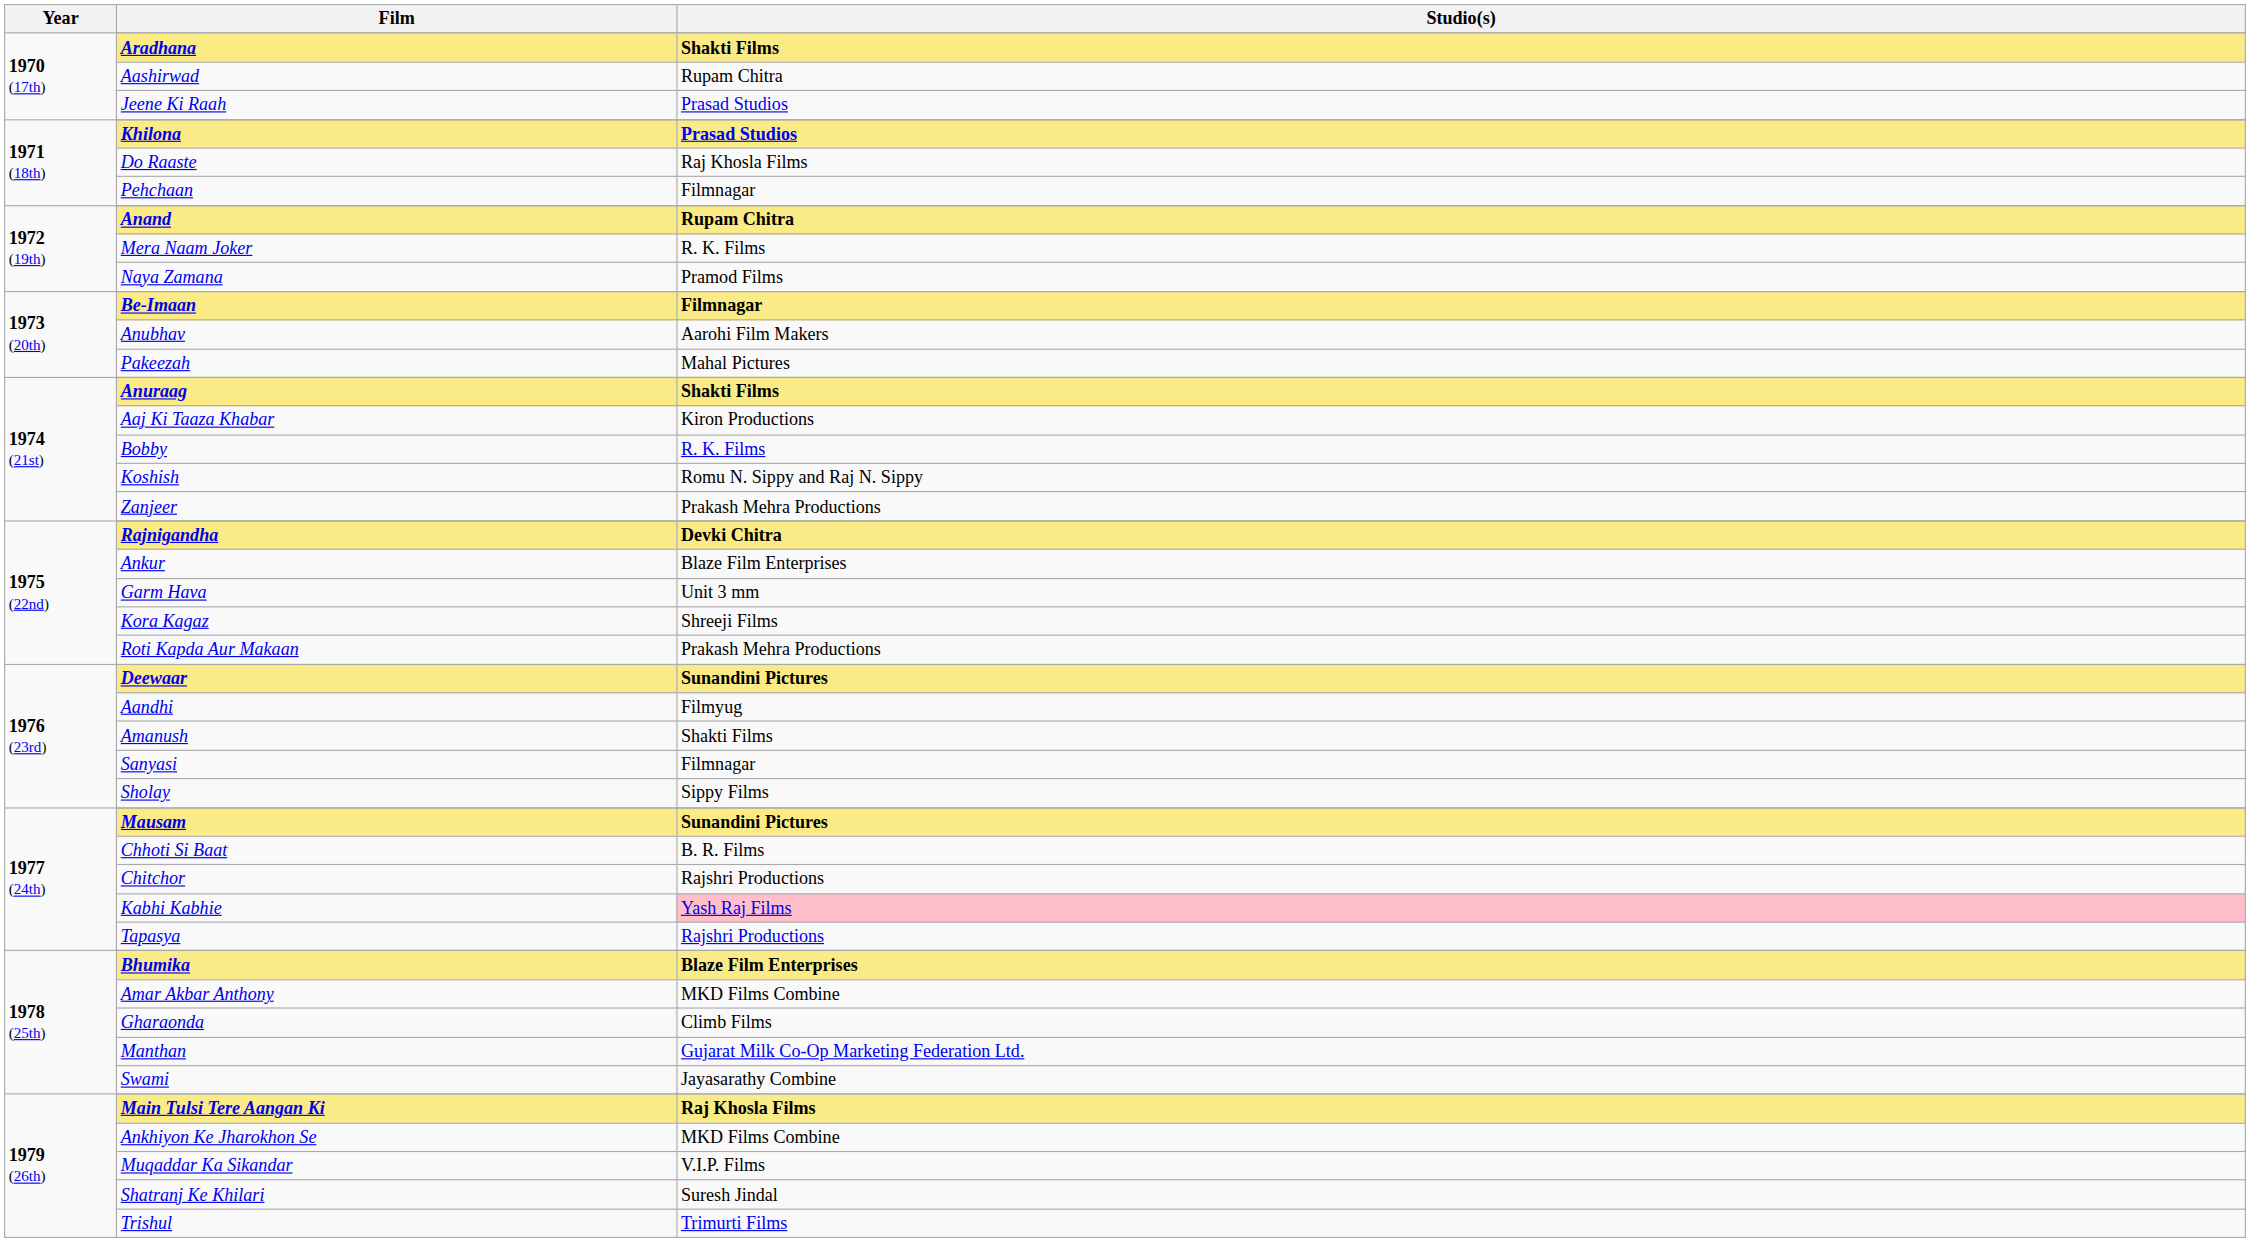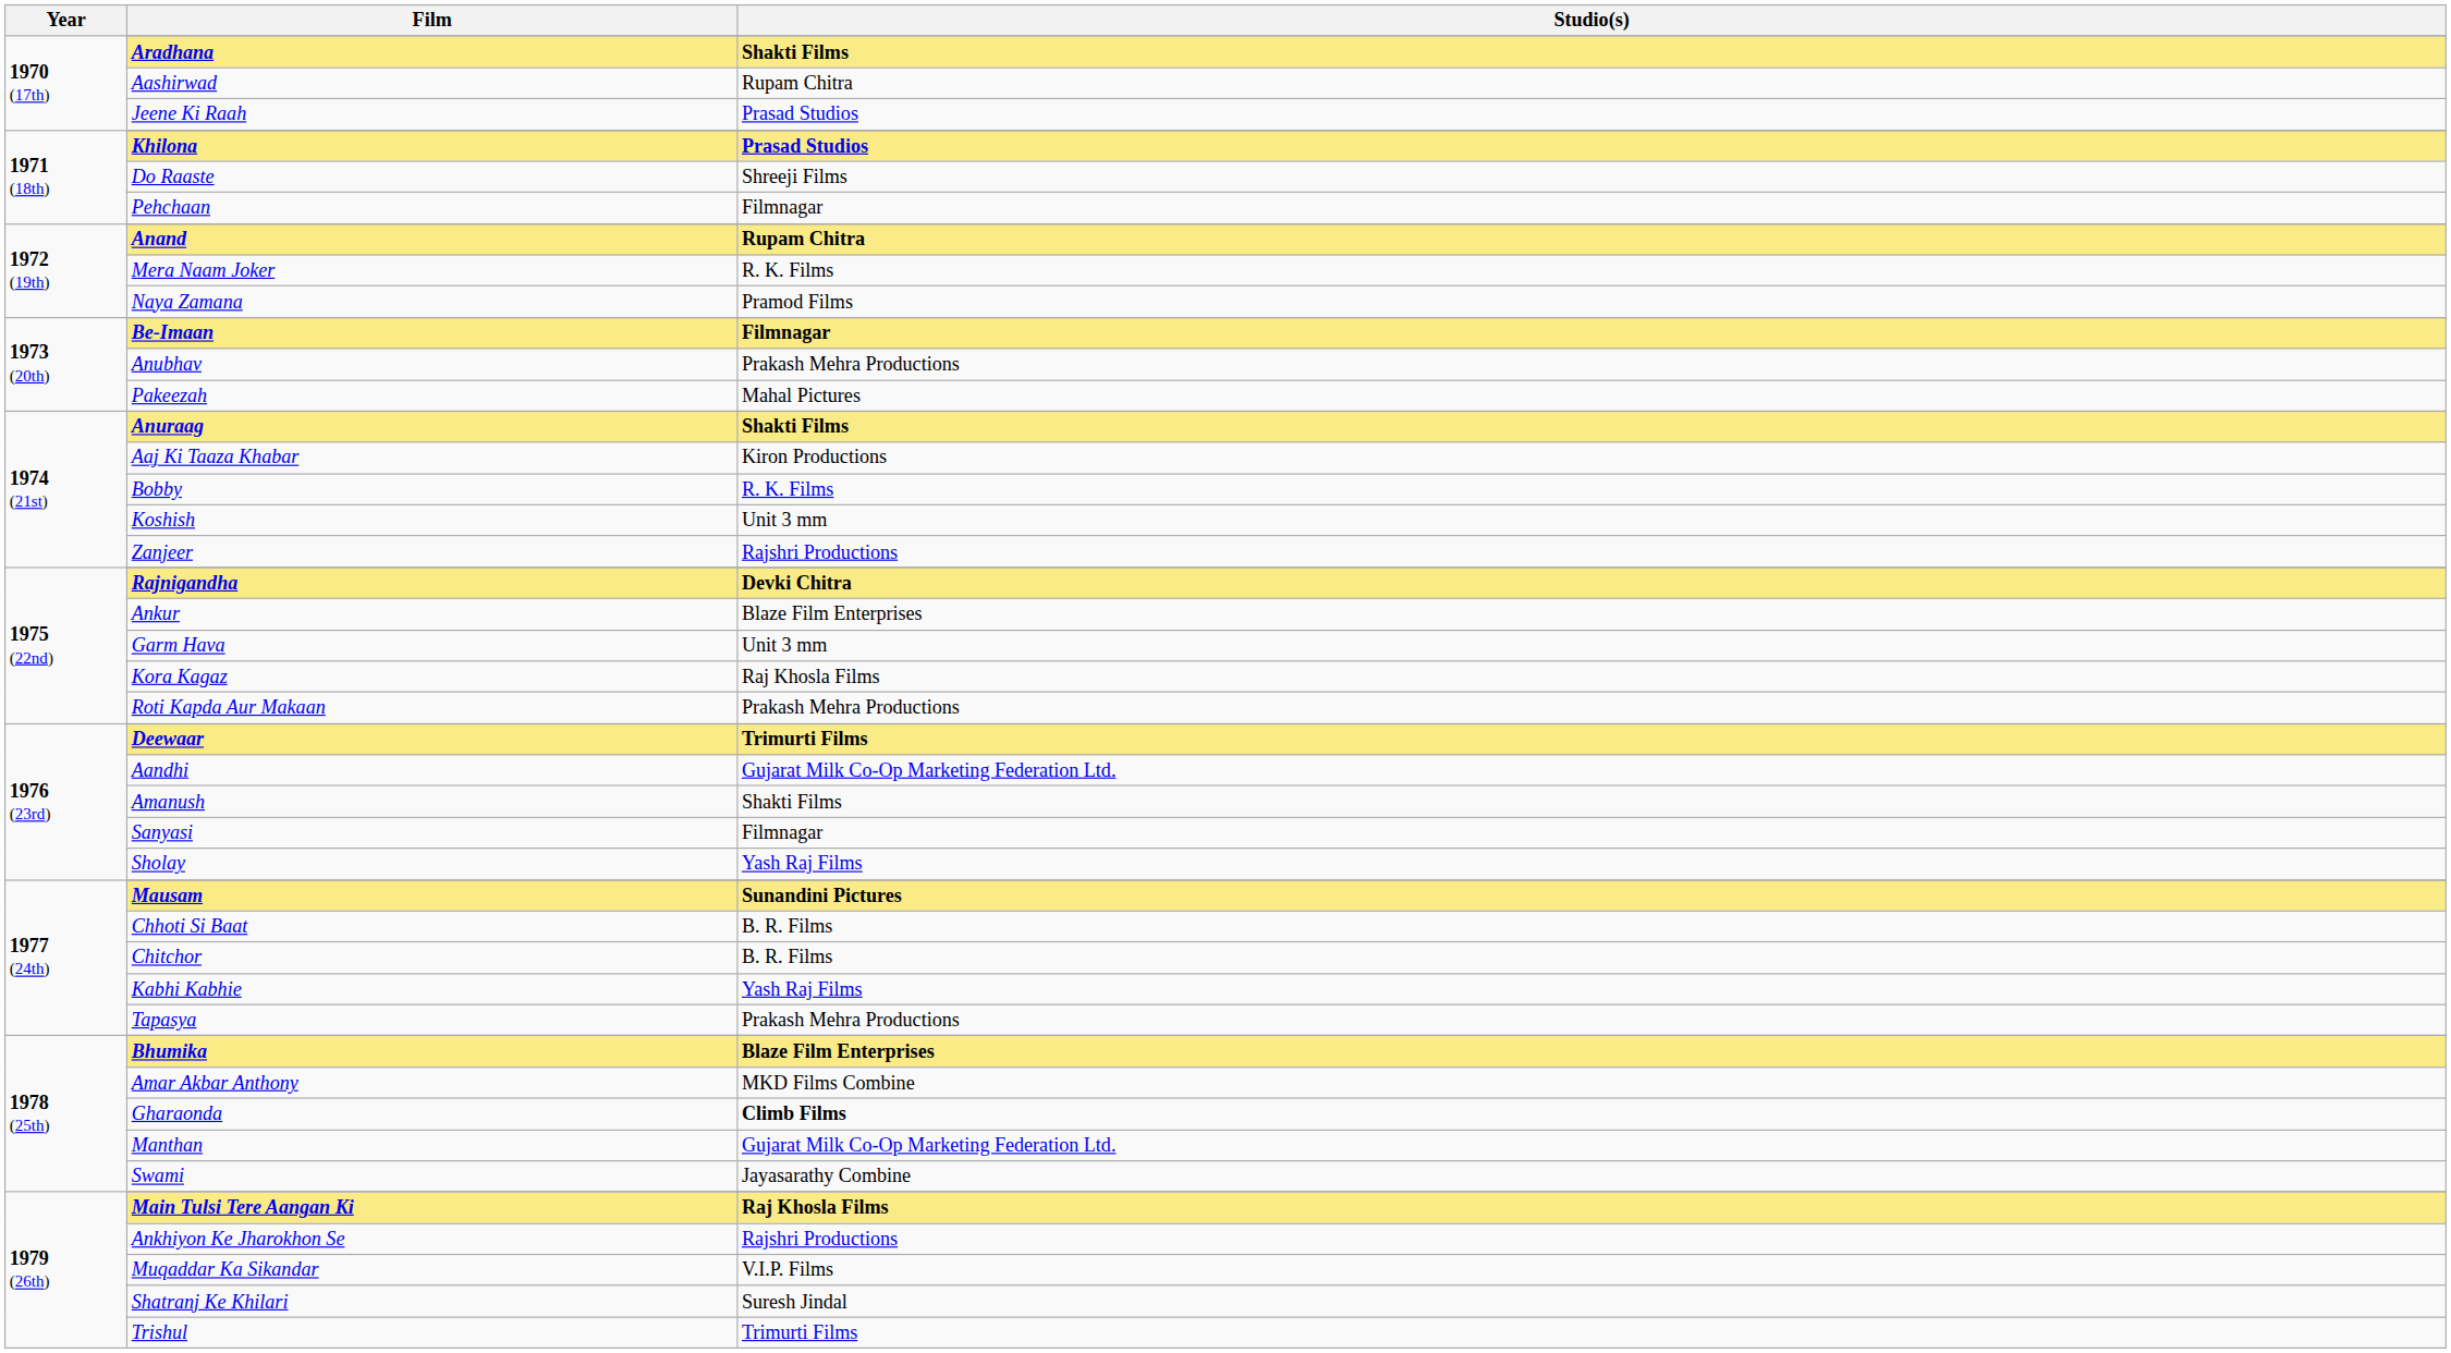 <table class="wikitable" style="width:100%;">
 <tr>
 <th width="5%">Year</th>
 <th width="25%">Film</th>
 <th width="70%">Studio(s)</th>
 </tr>
 <tr>
 <td rowspan="4"><strong>1970</strong><br><small>(<a href='#'>17th</a>)</small></td>
 </tr>
 <tr style="background:#FAEB86">
 <td><strong><em><a href='#'>Aradhana</a></em></strong></td>
 <td><strong>Shakti Films</strong></td>
 </tr>
 <tr>
 <td><em><a href='#'>Aashirwad</a></em></td>
 <td>Rupam Chitra</td>
 </tr>
 <tr>
 <td><em><a href='#'>Jeene Ki Raah</a></em></td>
 <td><a href='#'>Prasad Studios</a></td>
 </tr>
 <tr>
 <td rowspan="4"><strong>1971</strong><br><small>(<a href='#'>18th</a>)</small></td>
 </tr>
 <tr style="background:#FAEB86">
 <td><strong><em><a href='#'>Khilona</a></em></strong></td>
 <td><strong><a href='#'>Prasad Studios</a></strong></td>
 </tr>
 <tr>
 <td><em><a href='#'>Do Raaste</a></em></td>
-<td>Raj Khosla Films</td>
+<td>Shreeji Films</td>
 </tr>
 <tr>
 <td><em><a href='#'>Pehchaan</a></em></td>
 <td>Filmnagar</td>
 </tr>
 <tr>
 <td rowspan="4"><strong>1972</strong><br><small>(<a href='#'>19th</a>)</small> <br></td>
 </tr>
 <tr style="background:#FAEB86">
 <td><strong><em><a href='#'>Anand</a></em></strong></td>
 <td><strong>Rupam Chitra</strong></td>
 </tr>
 <tr>
 <td><em><a href='#'>Mera Naam Joker</a></em></td>
 <td>R. K. Films</td>
 </tr>
 <tr>
 <td><em><a href='#'>Naya Zamana</a></em></td>
 <td>Pramod Films</td>
 </tr>
 <tr>
 <td rowspan="4"><strong>1973</strong><br><small>(<a href='#'>20th</a>)</small></td>
 </tr>
 <tr style="background:#FAEB86">
 <td><strong><em><a href='#'>Be-Imaan</a></em></strong></td>
 <td><strong>Filmnagar</strong></td>
 </tr>
 <tr>
 <td><em><a href='#'>Anubhav</a></em></td>
-<td>Aarohi Film Makers</td>
+<td>Prakash Mehra Productions</td>
 </tr>
 <tr>
 <td><em><a href='#'>Pakeezah</a></em></td>
 <td>Mahal Pictures</td>
 </tr>
 <tr>
 <td rowspan="6"><strong>1974</strong><br><small>(<a href='#'>21st</a>)</small></td>
 </tr>
 <tr style="background:#FAEB86">
 <td><strong><em><a href='#'>Anuraag</a></em></strong></td>
 <td><strong>Shakti Films</strong></td>
 </tr>
 <tr>
 <td><em><a href='#'>Aaj Ki Taaza Khabar</a></em></td>
 <td>Kiron Productions</td>
 </tr>
 <tr>
 <td><em><a href='#'>Bobby</a></em></td>
 <td><a href='#'>R. K. Films</a></td>
 </tr>
 <tr>
 <td><em><a href='#'>Koshish</a></em></td>
-<td>Romu N. Sippy and Raj N. Sippy</td>
+<td>Unit 3 mm</td>
 </tr>
 <tr>
 <td><em><a href='#'>Zanjeer</a></em></td>
-<td>Prakash Mehra Productions</td>
+<td><a href='#'>Rajshri Productions</a></td>
 </tr>
 <tr>
 <td rowspan="6"><strong>1975</strong><br><small>(<a href='#'>22nd</a>)</small></td>
 </tr>
 <tr style="background:#FAEB86">
 <td><strong><em><a href='#'>Rajnigandha</a></em></strong></td>
 <td><strong>Devki Chitra</strong></td>
 </tr>
 <tr>
 <td><em><a href='#'>Ankur</a></em></td>
 <td>Blaze Film Enterprises</td>
 </tr>
 <tr>
 <td><em><a href='#'>Garm Hava</a></em></td>
 <td>Unit 3 mm</td>
 </tr>
 <tr>
 <td><em><a href='#'>Kora Kagaz</a></em></td>
-<td>Shreeji Films</td>
+<td>Raj Khosla Films</td>
 </tr>
 <tr>
 <td><em><a href='#'>Roti Kapda Aur Makaan</a></em></td>
 <td>Prakash Mehra Productions</td>
 </tr>
 <tr>
 <td rowspan="6"><strong>1976</strong><br><small>(<a href='#'>23rd</a>)</small></td>
 </tr>
 <tr style="background:#FAEB86">
 <td><strong><em><a href='#'>Deewaar</a></em></strong></td>
-<td><strong>Sunandini Pictures</strong></td>
+<td><strong>Trimurti Films</strong></td>
 </tr>
 <tr>
 <td><em><a href='#'>Aandhi</a></em></td>
-<td>Filmyug</td>
+<td><a href='#'>Gujarat Milk Co-Op Marketing Federation Ltd.</a></td>
 </tr>
 <tr>
 <td><em><a href='#'>Amanush</a></em></td>
 <td>Shakti Films</td>
 </tr>
 <tr>
 <td><em><a href='#'>Sanyasi</a></em></td>
 <td>Filmnagar</td>
 </tr>
 <tr>
 <td><em><a href='#'>Sholay</a></em></td>
-<td>Sippy Films</td>
+<td><a href='#'>Yash Raj Films</a></td>
 </tr>
 <tr>
 <td rowspan="6"><strong>1977</strong><br><small>(<a href='#'>24th</a>)</small></td>
 </tr>
 <tr style="background:#FAEB86">
 <td><strong><em><a href='#'>Mausam</a></em></strong></td>
 <td><strong>Sunandini Pictures</strong></td>
 </tr>
 <tr>
 <td><em><a href='#'>Chhoti Si Baat</a></em></td>
 <td>B. R. Films</td>
 </tr>
 <tr>
 <td><em><a href='#'>Chitchor</a></em></td>
-<td>Rajshri Productions</td>
+<td>B. R. Films</td>
 </tr>
 <tr>
 <td><em><a href='#'>Kabhi Kabhie</a></em></td>
-<td style="background: pink;"><a href='#'>Yash Raj Films</a></td>
+<td><a href='#'>Yash Raj Films</a></td>
 </tr>
 <tr>
 <td><em><a href='#'>Tapasya</a></em></td>
-<td><a href='#'>Rajshri Productions</a></td>
+<td>Prakash Mehra Productions</td>
 </tr>
 <tr>
 <td rowspan="6"><strong>1978</strong><br><small>(<a href='#'>25th</a>)</small></td>
 </tr>
 <tr style="background:#FAEB86">
 <td><strong><em><a href='#'>Bhumika</a></em></strong></td>
 <td><strong>Blaze Film Enterprises</strong></td>
 </tr>
 <tr>
 <td><em><a href='#'>Amar Akbar Anthony</a></em></td>
 <td>MKD Films Combine</td>
 </tr>
 <tr>
 <td><em><a href='#'>Gharaonda</a></em></td>
-<td>Climb Films</td>
+<td><strong>Climb Films</strong></td>
 </tr>
 <tr>
 <td><em><a href='#'>Manthan</a></em></td>
 <td><a href='#'>Gujarat Milk Co-Op Marketing Federation Ltd.</a></td>
 </tr>
 <tr>
 <td><em><a href='#'>Swami</a></em></td>
 <td>Jayasarathy Combine</td>
 </tr>
 <tr>
 <td rowspan="6"><strong>1979</strong><br><small>(<a href='#'>26th</a>)</small></td>
 </tr>
 <tr style="background:#FAEB86">
 <td><strong><em><a href='#'>Main Tulsi Tere Aangan Ki</a></em></strong></td>
 <td><strong>Raj Khosla Films</strong></td>
 </tr>
 <tr>
 <td><em><a href='#'>Ankhiyon Ke Jharokhon Se</a></em></td>
-<td>MKD Films Combine</td>
+<td><a href='#'>Rajshri Productions</a></td>
 </tr>
 <tr>
 <td><em><a href='#'>Muqaddar Ka Sikandar</a></em></td>
 <td>V.I.P. Films</td>
 </tr>
 <tr>
 <td><em><a href='#'>Shatranj Ke Khilari</a></em></td>
 <td>Suresh Jindal</td>
 </tr>
 <tr>
 <td><em><a href='#'>Trishul</a></em></td>
 <td><a href='#'>Trimurti Films</a></td>
 </tr>
 </table>
